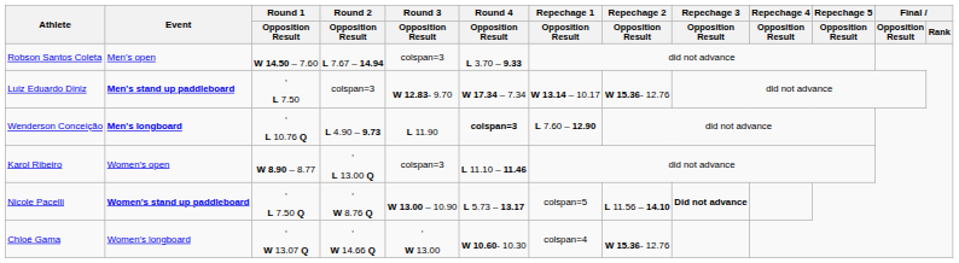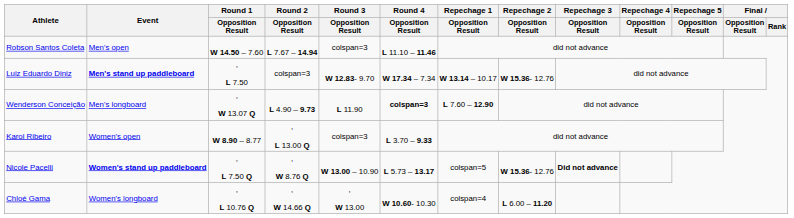 <table class=wikitable style=font-size:75%;text-align:center>
 <tr>
 <th rowspan=2>Athlete</th>
 <th rowspan=2>Event</th>
 <th>Round 1</th>
 <th>Round 2</th>
 <th>Round 3</th>
 <th>Round 4</th>
 <th>Repechage 1</th>
 <th>Repechage 2</th>
 <th>Repechage 3</th>
 <th>Repechage 4</th>
 <th>Repechage 5</th>
 <th colspan=2>Final / </th>
 </tr>
 <tr style=font-size:95%>
 <th>Opposition<br>Result</th>
 <th>Opposition<br>Result</th>
 <th>Opposition<br>Result</th>
 <th>Opposition<br>Result</th>
 <th>Opposition<br>Result</th>
 <th>Opposition<br>Result</th>
 <th>Opposition<br>Result</th>
 <th>Opposition<br>Result</th>
 <th>Opposition<br>Result</th>
 <th>Opposition<br>Result</th>
 <th>Rank</th>
 </tr>
 <tr>
 <td align=left><a href='#'>Robson Santos Coleta</a></td>
 <td align=left><a href='#'>Men's open</a></td>
 <td><br><strong>W</strong> <strong>14.50</strong> – 7.60</td>
 <td><br><strong>L</strong> 7.67 – <strong>14.94</strong></td>
 <td>colspan=3 </td>
-<td><br><strong>L</strong> 3.70 – <strong>9.33</strong></td>
+<td><br><strong>L</strong> 11.10 – <strong>11.46</strong></td>
 <td align=center colspan=5>did not advance</td>
 </tr>
 <tr>
 <td align=left><a href='#'>Luiz Eduardo Diniz</a></td>
 <td align=left><strong><a href='#'>Men's stand up paddleboard</a></strong></td>
 <td>,<br><br><strong>L</strong> 7.50</td>
 <td>colspan=3 </td>
 <td><br> <strong>W</strong> <strong>12.83</strong>- 9.70</td>
 <td><br><strong>W</strong> <strong>17.34</strong> – 7.34</td>
 <td><br><strong>W</strong> <strong>13.14</strong> – 10.17</td>
 <td><br> <strong>W</strong> <strong>15.36</strong>- 12.76</td>
 <td align=center colspan=4>did not advance</td>
 </tr>
 <tr>
 <td align=left><a href='#'>Wenderson Conceição</a></td>
-<td align=left><strong><a href='#'>Men's longboard</a></strong></td>
-<td>,<br><br> <strong>L</strong> 10.76 <strong>Q</strong></td>
+<td align=left><a href='#'>Men's longboard</a></td>
+<td>,<br><br><strong>W</strong> 13.07 <strong>Q</strong></td>
 <td><br><strong>L</strong> 4.90 – <strong>9.73</strong></td>
 <td><br> <strong>L</strong> 11.90</td>
 <td><strong>colspan=3 </strong></td>
 <td> <strong>L</strong> 7.60 – <strong>12.90</strong></td>
 <td align=center colspan=4>did not advance</td>
 </tr>
 <tr>
 <td align=left><a href='#'>Karol Ribeiro</a></td>
 <td align=left><a href='#'>Women's open</a></td>
 <td><br><strong>W</strong> <strong>8.90</strong> – 8.77</td>
 <td>,<br><br>  <strong>L</strong> 13.00 <strong>Q</strong></td>
 <td>colspan=3 </td>
-<td><br><strong>L</strong> 11.10 – <strong>11.46</strong></td>
+<td><br><strong>L</strong> 3.70 – <strong>9.33</strong></td>
 <td align=center colspan=5>did not advance</td>
 </tr>
 <tr>
 <td align=left><a href='#'>Nicole Pacelli</a></td>
 <td align=left><strong><a href='#'>Women's stand up paddleboard</a></strong></td>
 <td>,<br><br> <strong>L</strong> 7.50 <strong>Q</strong></td>
 <td>,<br><br> <strong>W</strong> 8.76 <strong>Q</strong></td>
 <td><br><strong>W</strong> <strong>13.00</strong> – 10.90</td>
 <td><br><strong>L</strong> 5.73 – <strong>13.17</strong></td>
 <td>colspan=5 </td>
-<td><br><strong>L</strong> 11.56 – <strong>14.10</strong></td>
+<td><br> <strong>W</strong> <strong>15.36</strong>- 12.76</td>
 <td><strong>Did not advance</strong></td>
 <td></td>
 </tr>
 <tr>
 <td align=left><a href='#'>Chloé Gama</a></td>
 <td align=left><a href='#'>Women's longboard</a></td>
-<td>,<br><br><strong>W</strong> 13.07 <strong>Q</strong></td>
+<td>,<br><br> <strong>L</strong> 10.76 <strong>Q</strong></td>
 <td>,<br><br> <strong>W</strong> 14.66 <strong>Q</strong></td>
 <td>,<br><br><strong>W</strong> 13.00</td>
 <td><br> <strong>W</strong> <strong>10.60</strong>- 10.30</td>
 <td>colspan=4 </td>
-<td><br> <strong>W</strong> <strong>15.36</strong>- 12.76</td>
+<td><br><strong>L</strong> 6.00 – <strong>11.20</strong></td>
 <td></td>
 </tr>
 </table>
